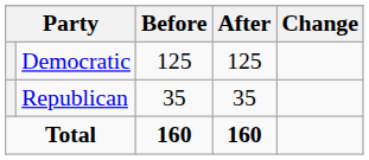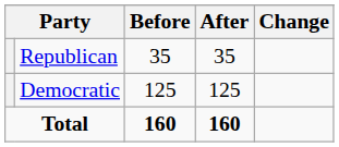 <table class="wikitable" style="text-align:center;">
 <tr>
 </tr>
 <tr>
 <th colspan=2>Party</th>
 <th>Before</th>
 <th>After</th>
 <th>Change</th>
 </tr>
 <tr>
 <th style="background-color:"></th>
-<td style="text-align:left;"><a href='#'>Democratic</a></td>
-<td>125</td>
-<td>125</td>
+<td style="text-align:left;"><a href='#'>Republican</a></td>
+<td>35</td>
+<td>35</td>
 <td></td>
 </tr>
 <tr>
 <th style="background-color:"></th>
-<td style="text-align:left;"><a href='#'>Republican</a></td>
-<td>35</td>
-<td>35</td>
+<td style="text-align:left;"><a href='#'>Democratic</a></td>
+<td>125</td>
+<td>125</td>
 <td></td>
 </tr>
 <tr>
 <td colspan=2><strong>Total</strong></td>
 <td><strong>160</strong></td>
 <td><strong>160</strong></td>
 <td></td>
 </tr>
 </table>
